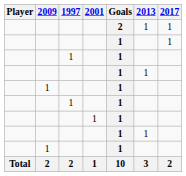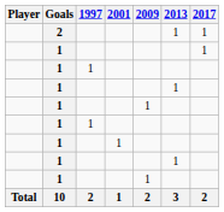 <table class="wikitable sortable" style="text-align:center;">
 <tr>
 <th>Player</th>
-<th><a href='#'>2009</a></th>
+<th>Goals</th>
 <th><a href='#'>1997</a></th>
 <th><a href='#'>2001</a></th>
-<th>Goals</th>
+<th><a href='#'>2009</a></th>
 <th><a href='#'>2013</a></th>
 <th><a href='#'>2017</a></th>
 </tr>
 <tr>
 <td align="left"></td>
+<th>2</th>
 <td></td>
 <td></td>
 <td></td>
-<th>2</th>
 <td>1</td>
 <td>1</td>
 </tr>
 <tr>
 <td align="left"></td>
+<th>1</th>
 <td></td>
 <td></td>
 <td></td>
-<th>1</th>
 <td></td>
 <td>1</td>
 </tr>
 <tr>
 <td align="left"></td>
-<td></td>
+<th>1</th>
 <td>1</td>
 <td></td>
-<th>1</th>
+<td></td>
 <td></td>
 <td></td>
 </tr>
 <tr>
 <td align="left"></td>
+<th>1</th>
 <td></td>
 <td></td>
 <td></td>
-<th>1</th>
 <td>1</td>
 <td></td>
 </tr>
 <tr>
 <td align="left"></td>
-<td>1</td>
+<th>1</th>
 <td></td>
 <td></td>
-<th>1</th>
+<td>1</td>
 <td></td>
 <td></td>
 </tr>
 <tr>
 <td align="left"></td>
-<td></td>
+<th>1</th>
 <td>1</td>
 <td></td>
-<th>1</th>
+<td></td>
 <td></td>
 <td></td>
 </tr>
 <tr>
 <td align="left"></td>
-<td></td>
+<th>1</th>
 <td></td>
 <td>1</td>
-<th>1</th>
+<td></td>
 <td></td>
 <td></td>
 </tr>
 <tr>
 <td align="left"></td>
+<th>1</th>
 <td></td>
 <td></td>
 <td></td>
-<th>1</th>
 <td>1</td>
 <td></td>
 </tr>
 <tr>
 <td align="left"></td>
-<td>1</td>
+<th>1</th>
 <td></td>
 <td></td>
-<th>1</th>
+<td>1</td>
 <td></td>
 <td></td>
 </tr>
 <tr class="sortbottom">
 <th>Total</th>
-<th>2</th>
+<th>10</th>
 <th>2</th>
 <th>1</th>
-<th>10</th>
+<th>2</th>
 <th>3</th>
 <th>2</th>
 </tr>
 </table>
